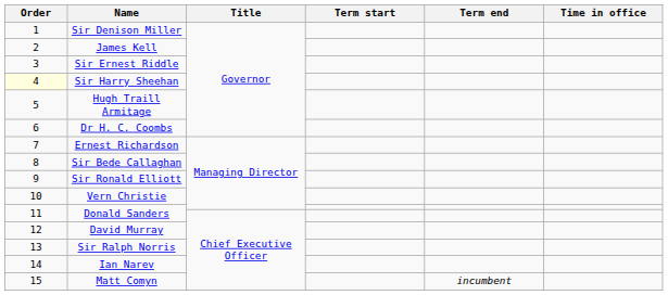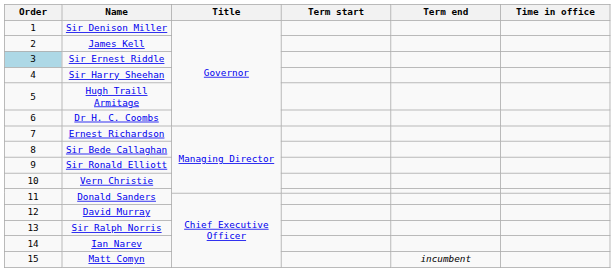 <table class="wikitable sortable" width="60%" style="text-align: center; font-size: 90%;">
 <tr>
 <th style="width: 5%" data-sort-type="number">Order</th>
 <th style="width: 10%" data-sort-type="text">Name</th>
 <th style="width: 10%" data-sort-type="text">Title</th>
 <th style="width: 10%" data-sort-type="number">Term start</th>
 <th style="width: 10%" data-sort-type="number">Term end</th>
 <th style="width: 10%" data-sort-type="number">Time in office</th>
 </tr>
 <tr>
 <td>1</td>
 <td><a href='#'>Sir Denison Miller</a> </td>
 <td rowspan=6><a href='#'>Governor</a></td>
 <td></td>
 <td></td>
 <td></td>
 </tr>
 <tr>
 <td>2</td>
 <td><a href='#'>James Kell</a></td>
 <td></td>
 <td></td>
 <td></td>
 </tr>
 <tr>
-<td>3</td>
+<td style="background: lightblue;">3</td>
 <td><a href='#'>Sir Ernest Riddle</a> </td>
 <td></td>
 <td></td>
 <td></td>
 </tr>
 <tr>
-<td style="background: lightyellow;">4</td>
+<td>4</td>
 <td><a href='#'>Sir Harry Sheehan</a> </td>
 <td></td>
 <td></td>
 <td></td>
 </tr>
 <tr>
 <td>5</td>
 <td><a href='#'>Hugh Traill Armitage</a> </td>
 <td></td>
 <td></td>
 <td></td>
 </tr>
 <tr>
 <td>6</td>
 <td><a href='#'>Dr H. C. Coombs</a></td>
 <td></td>
 <td></td>
 <td></td>
 </tr>
 <tr>
 <td>7</td>
 <td><a href='#'>Ernest Richardson</a> </td>
 <td rowspan="5"><a href='#'>Managing Director</a></td>
 <td></td>
 <td></td>
 <td></td>
 </tr>
 <tr>
 <td>8</td>
 <td><a href='#'>Sir Bede Callaghan</a> </td>
 <td></td>
 <td></td>
 <td></td>
 </tr>
 <tr>
 <td>9</td>
 <td><a href='#'>Sir Ronald Elliott</a></td>
 <td></td>
 <td></td>
 <td></td>
 </tr>
 <tr>
 <td>10</td>
 <td><a href='#'>Vern Christie</a> </td>
 <td></td>
 <td></td>
 <td></td>
 </tr>
 <tr>
 <td rowspan=2>11</td>
 <td rowspan=2><a href='#'>Donald Sanders</a> </td>
 <td></td>
 <td></td>
 <td></td>
 </tr>
 <tr>
 <td rowspan=5><a href='#'>Chief Executive Officer</a></td>
 <td></td>
 <td></td>
 <td></td>
 </tr>
 <tr>
 <td>12</td>
 <td><a href='#'>David Murray</a> </td>
 <td></td>
 <td></td>
 <td></td>
 </tr>
 <tr>
 <td>13</td>
 <td><a href='#'>Sir Ralph Norris</a> </td>
 <td></td>
 <td></td>
 <td></td>
 </tr>
 <tr>
 <td>14</td>
 <td><a href='#'>Ian Narev</a></td>
 <td></td>
 <td></td>
 <td></td>
 </tr>
 <tr>
 <td>15</td>
 <td><a href='#'>Matt Comyn</a></td>
 <td></td>
 <td><em>incumbent</em></td>
 <td></td>
 </tr>
 </table>
